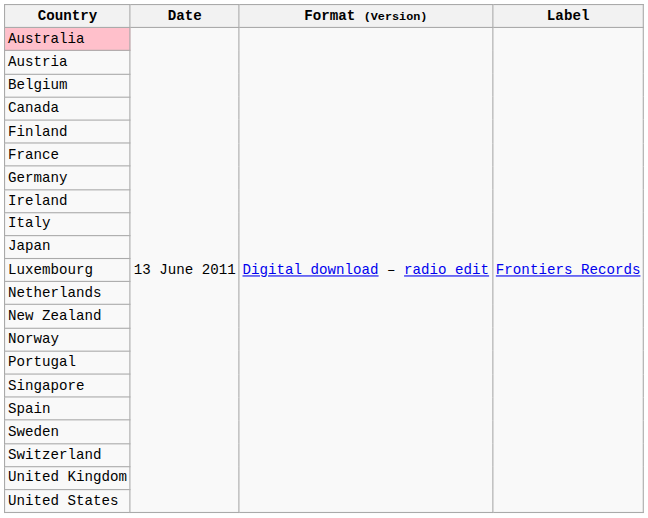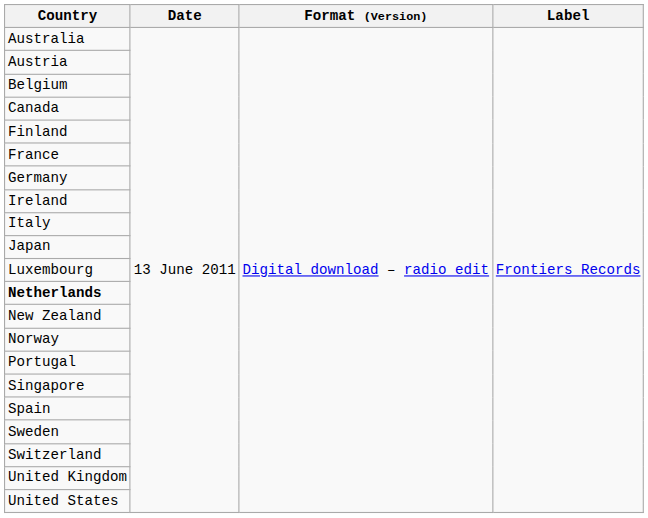 <table class="wikitable plainrowheaders">
 <tr>
 <th>Country</th>
 <th>Date</th>
 <th>Format <small>(Version)</small></th>
 <th>Label</th>
 </tr>
 <tr>
-<td style="background: pink;">Australia</td>
+<td>Australia</td>
 <td rowspan=21>13 June 2011</td>
 <td rowspan=21><a href='#'>Digital download</a> – <a href='#'>radio edit</a></td>
 <td rowspan=21><a href='#'>Frontiers Records</a></td>
 </tr>
 <tr>
 <td>Austria</td>
 </tr>
 <tr>
 <td>Belgium</td>
 </tr>
 <tr>
 <td>Canada</td>
 </tr>
 <tr>
 <td>Finland</td>
 </tr>
 <tr>
 <td>France</td>
 </tr>
 <tr>
 <td>Germany</td>
 </tr>
 <tr>
 <td>Ireland</td>
 </tr>
 <tr>
 <td>Italy</td>
 </tr>
 <tr>
 <td>Japan</td>
 </tr>
 <tr>
 <td>Luxembourg</td>
 </tr>
 <tr>
-<td>Netherlands</td>
+<td><strong>Netherlands</strong></td>
 </tr>
 <tr>
 <td>New Zealand</td>
 </tr>
 <tr>
 <td>Norway</td>
 </tr>
 <tr>
 <td>Portugal</td>
 </tr>
 <tr>
 <td>Singapore</td>
 </tr>
 <tr>
 <td>Spain</td>
 </tr>
 <tr>
 <td>Sweden</td>
 </tr>
 <tr>
 <td>Switzerland</td>
 </tr>
 <tr>
 <td>United Kingdom</td>
 </tr>
 <tr>
 <td>United States</td>
 </tr>
 </table>
